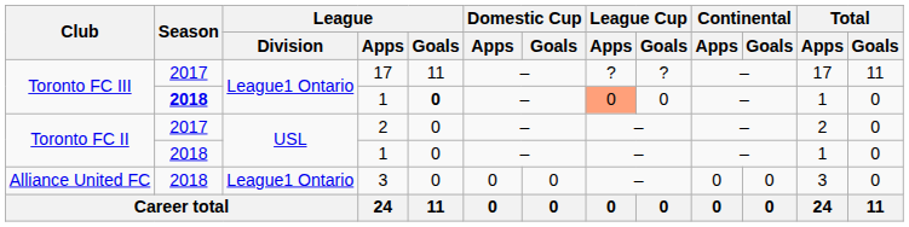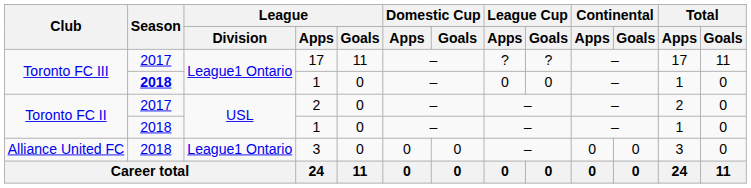 <table class="wikitable" style="text-align: center">
 <tr>
 <th rowspan="2">Club</th>
 <th rowspan="2">Season</th>
 <th colspan="3">League</th>
 <th colspan="2">Domestic Cup</th>
 <th colspan="2">League Cup</th>
 <th colspan="2">Continental</th>
 <th colspan="2">Total</th>
 </tr>
 <tr>
 <th>Division</th>
 <th>Apps</th>
 <th>Goals</th>
 <th>Apps</th>
 <th>Goals</th>
 <th>Apps</th>
 <th>Goals</th>
 <th>Apps</th>
 <th>Goals</th>
 <th>Apps</th>
 <th>Goals</th>
 </tr>
 <tr>
 <td rowspan=2><a href='#'>Toronto FC III</a></td>
 <td><a href='#'>2017</a></td>
 <td rowspan=2><a href='#'>League1 Ontario</a></td>
 <td>17</td>
 <td>11</td>
 <td colspan="2">–</td>
 <td>?</td>
 <td>?</td>
 <td colspan="2">–</td>
 <td>17</td>
 <td>11</td>
 </tr>
 <tr>
 <td><strong><a href='#'>2018</a></strong></td>
 <td>1</td>
-<td><strong>0</strong></td>
+<td>0</td>
 <td colspan="2">–</td>
-<td style="background: lightsalmon;">0</td>
+<td>0</td>
 <td>0</td>
 <td colspan="2">–</td>
 <td>1</td>
 <td>0</td>
 </tr>
 <tr>
 <td rowspan=2><a href='#'>Toronto FC II</a></td>
 <td><a href='#'>2017</a></td>
 <td rowspan=2><a href='#'>USL</a></td>
 <td>2</td>
 <td>0</td>
 <td colspan="2">–</td>
 <td colspan="2">–</td>
 <td colspan="2">–</td>
 <td>2</td>
 <td>0</td>
 </tr>
 <tr>
 <td><a href='#'>2018</a></td>
 <td>1</td>
 <td>0</td>
 <td colspan="2">–</td>
 <td colspan="2">–</td>
 <td colspan="2">–</td>
 <td>1</td>
 <td>0</td>
 </tr>
 <tr>
 <td><a href='#'>Alliance United FC</a></td>
 <td><a href='#'>2018</a></td>
 <td><a href='#'>League1 Ontario</a></td>
 <td>3</td>
 <td>0</td>
 <td>0</td>
 <td>0</td>
 <td colspan="2">–</td>
 <td>0</td>
 <td>0</td>
 <td>3</td>
 <td>0</td>
 </tr>
 <tr>
 <th colspan="3"><strong>Career total</strong></th>
 <th>24</th>
 <th>11</th>
 <th>0</th>
 <th>0</th>
 <th>0</th>
 <th>0</th>
 <th>0</th>
 <th>0</th>
 <th>24</th>
 <th>11</th>
 </tr>
 </table>
